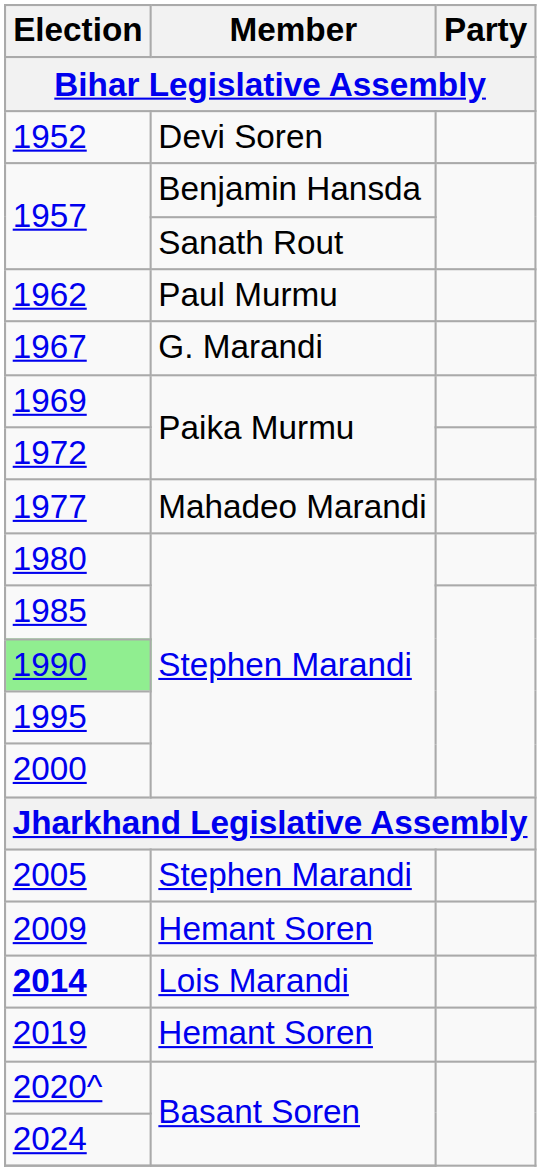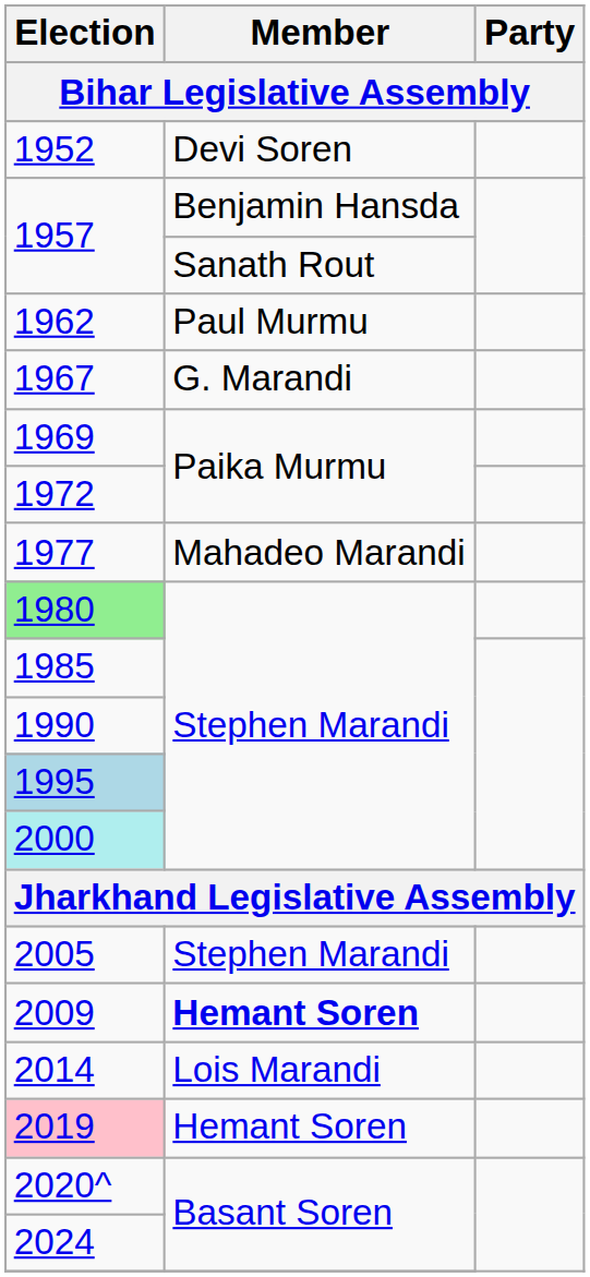 <table class="wikitable sortable">
 <tr>
 <th>Election</th>
 <th>Member</th>
 <th colspan=2>Party</th>
 </tr>
 <tr>
 <th colspan=4><a href='#'>Bihar Legislative Assembly</a></th>
 </tr>
 <tr>
 <td><a href='#'>1952</a></td>
 <td>Devi Soren</td>
 <td></td>
 </tr>
 <tr>
 <td rowspan=2><a href='#'>1957</a></td>
 <td>Benjamin Hansda</td>
 </tr>
 <tr>
 <td>Sanath Rout</td>
 </tr>
 <tr>
 <td><a href='#'>1962</a></td>
 <td>Paul Murmu</td>
 <td></td>
 </tr>
 <tr>
 <td><a href='#'>1967</a></td>
 <td>G. Marandi</td>
 <td></td>
 </tr>
 <tr>
 <td><a href='#'>1969</a></td>
 <td rowspan=2>Paika Murmu</td>
 <td></td>
 </tr>
 <tr>
 <td><a href='#'>1972</a></td>
 </tr>
 <tr>
 <td><a href='#'>1977</a></td>
 <td>Mahadeo Marandi</td>
 <td></td>
 </tr>
 <tr>
-<td><a href='#'>1980</a></td>
+<td style="background: lightgreen;"><a href='#'>1980</a></td>
 <td rowspan=5><a href='#'>Stephen Marandi</a></td>
 <td></td>
 </tr>
 <tr>
 <td><a href='#'>1985</a></td>
 </tr>
 <tr>
-<td style="background: lightgreen;"><a href='#'>1990</a></td>
+<td><a href='#'>1990</a></td>
 </tr>
 <tr>
-<td><a href='#'>1995</a></td>
+<td style="background: lightblue;"><a href='#'>1995</a></td>
 </tr>
 <tr>
-<td><a href='#'>2000</a></td>
+<td style="background: paleturquoise;"><a href='#'>2000</a></td>
 </tr>
 <tr>
 <th colspan=4><a href='#'>Jharkhand Legislative Assembly</a></th>
 </tr>
 <tr>
 <td><a href='#'>2005</a></td>
 <td><a href='#'>Stephen Marandi</a></td>
 <td></td>
 </tr>
 <tr>
 <td><a href='#'>2009</a></td>
-<td><a href='#'>Hemant Soren</a></td>
+<td><strong><a href='#'>Hemant Soren</a></strong></td>
 <td></td>
 </tr>
 <tr>
-<td><strong><a href='#'>2014</a></strong></td>
+<td><a href='#'>2014</a></td>
 <td><a href='#'>Lois Marandi</a></td>
 <td></td>
 </tr>
 <tr>
-<td><a href='#'>2019</a></td>
+<td style="background: pink;"><a href='#'>2019</a></td>
 <td><a href='#'>Hemant Soren</a></td>
 <td></td>
 </tr>
 <tr>
 <td><a href='#'>2020^</a></td>
 <td rowspan=2><a href='#'>Basant Soren</a></td>
 </tr>
 <tr>
 <td><a href='#'>2024</a></td>
 </tr>
 <tr>
 </tr>
 </table>
